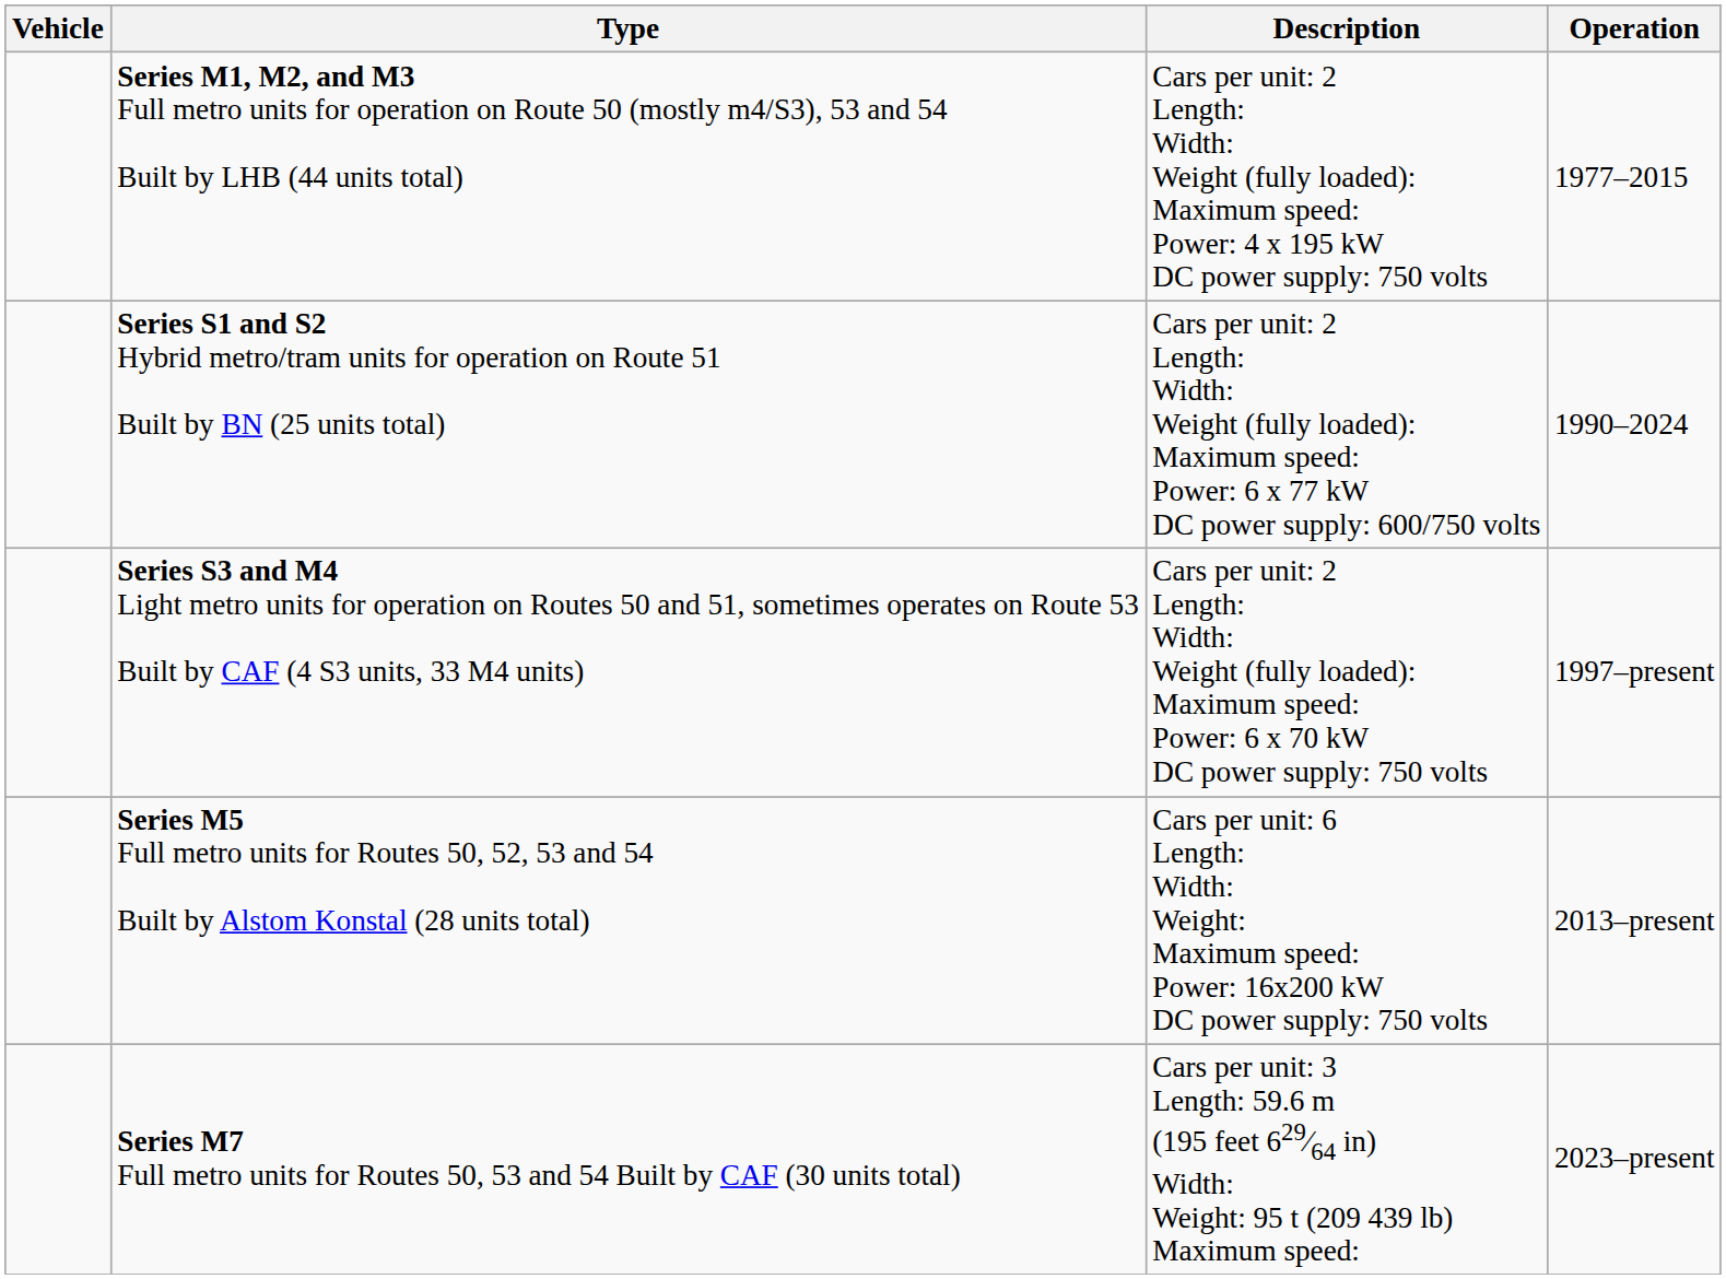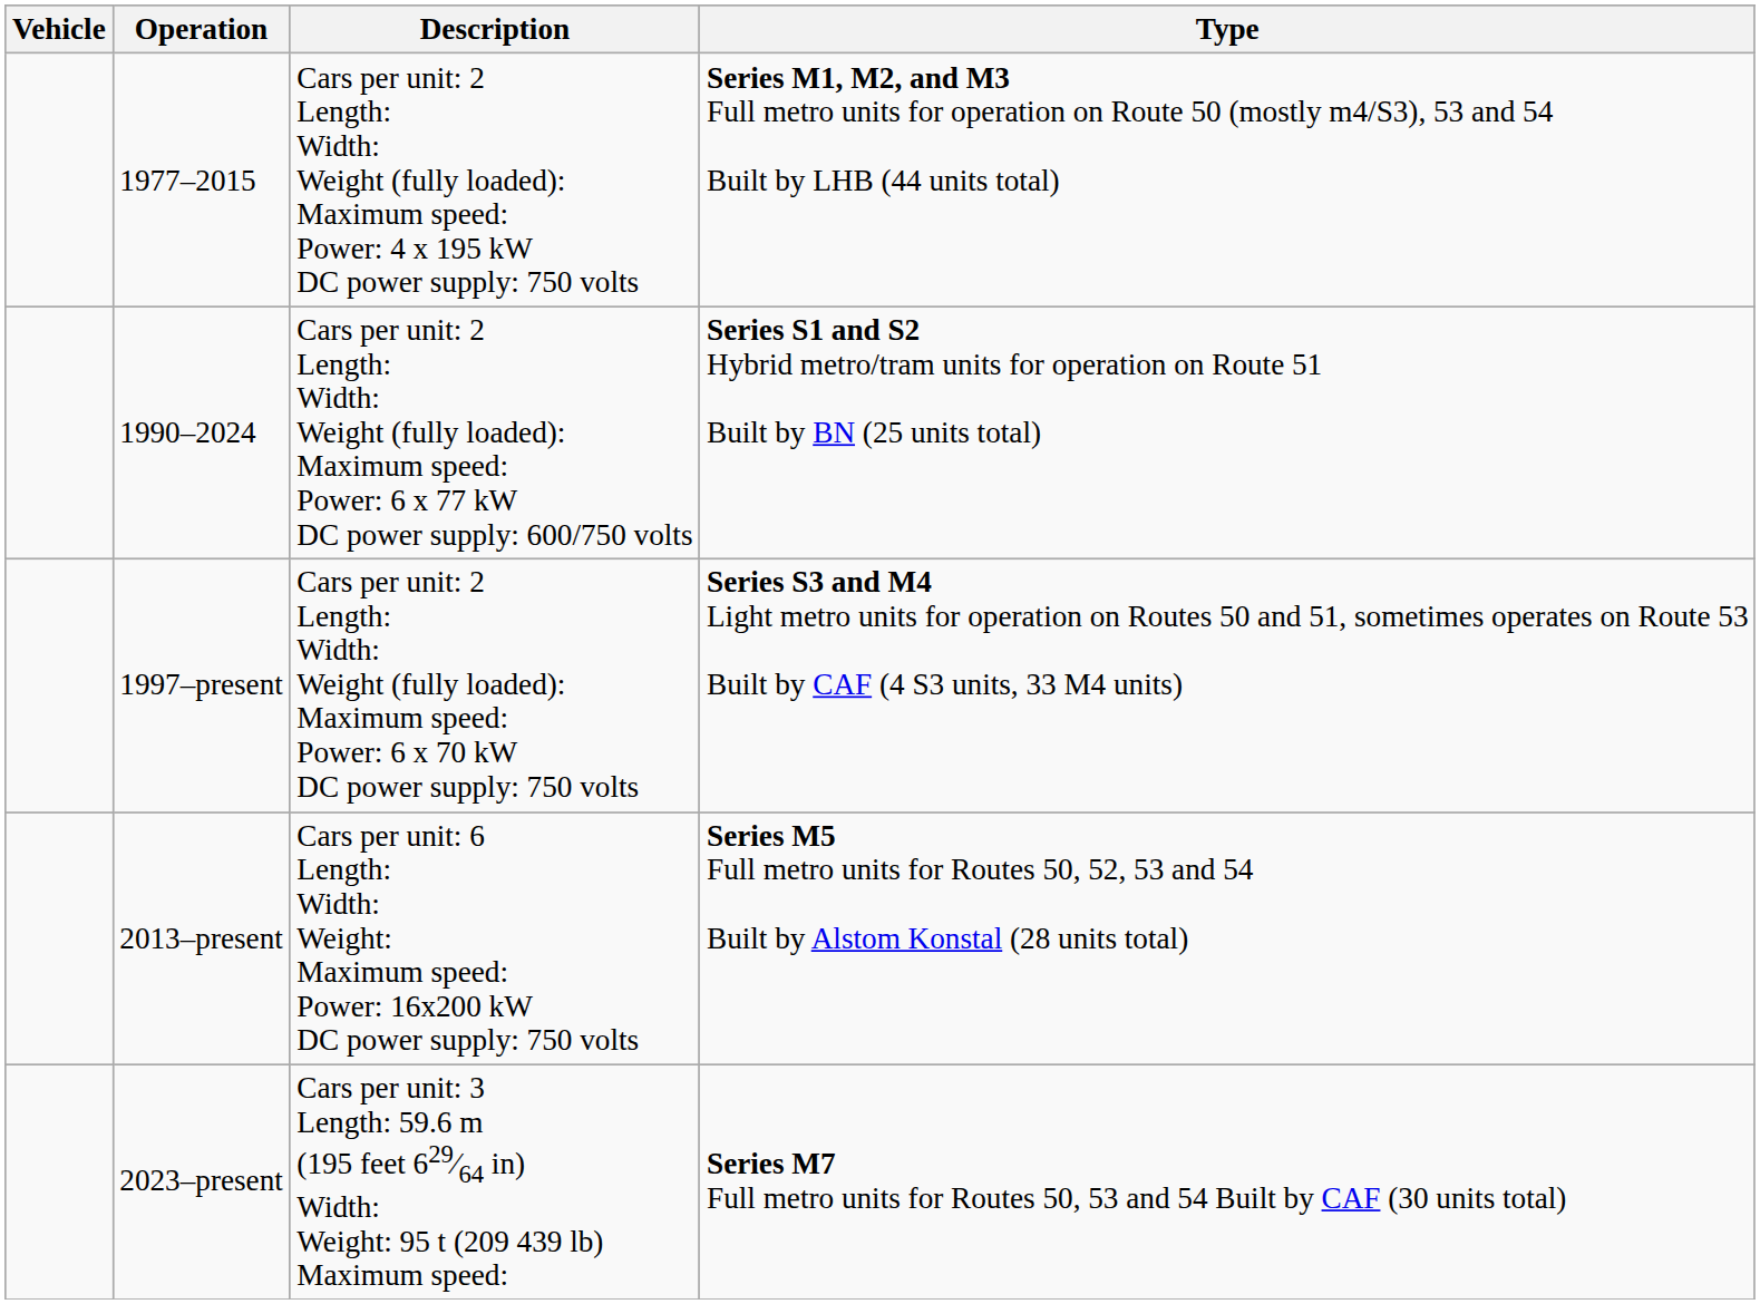 <table class="wikitable">
 <tr>
 <th>Vehicle</th>
+<th>Operation</th>
+<th>Description</th>
 <th>Type</th>
-<th>Description</th>
-<th>Operation</th>
 </tr>
 <tr>
 <td></td>
+<td>1977–2015</td>
+<td>Cars per unit: 2<br>Length: <br>Width: <br>Weight (fully loaded): <br>Maximum speed: <br>Power: 4 x 195 kW<br>DC power supply: 750 volts</td>
 <td style="vertical-align: top;"><strong>Series M1, M2, and M3</strong><br> Full metro units for operation on Route 50 (mostly m4/S3), 53 and 54<br><br> Built by LHB (44 units total)</td>
-<td>Cars per unit: 2<br>Length: <br>Width: <br>Weight (fully loaded): <br>Maximum speed: <br>Power: 4 x 195 kW<br>DC power supply: 750 volts</td>
-<td>1977–2015</td>
 </tr>
 <tr>
 <td></td>
+<td>1990–2024</td>
+<td>Cars per unit: 2<br>Length: <br>Width: <br>Weight (fully loaded):<br>Maximum speed: <br>Power: 6 x 77 kW<br>DC power supply: 600/750 volts</td>
 <td style="vertical-align: top;"><strong>Series S1 and S2</strong><br> Hybrid metro/tram units for operation on Route 51<br><br> Built by <a href='#'>BN</a> (25 units total)</td>
-<td>Cars per unit: 2<br>Length: <br>Width: <br>Weight (fully loaded):<br>Maximum speed: <br>Power: 6 x 77 kW<br>DC power supply: 600/750 volts</td>
-<td>1990–2024</td>
 </tr>
 <tr>
 <td></td>
+<td>1997–present</td>
+<td>Cars per unit: 2<br>Length: <br>Width: <br>Weight (fully loaded):<br>Maximum speed: <br>Power: 6 x 70 kW<br>DC power supply: 750 volts</td>
 <td style="vertical-align: top;"><strong>Series S3 and M4</strong><br>Light metro units for operation on Routes 50 and 51, sometimes operates on Route 53<br><br> Built by <a href='#'>CAF</a> (4 S3 units, 33 M4 units)</td>
-<td>Cars per unit: 2<br>Length: <br>Width: <br>Weight (fully loaded):<br>Maximum speed: <br>Power: 6 x 70 kW<br>DC power supply: 750 volts</td>
-<td>1997–present</td>
 </tr>
 <tr>
 <td></td>
+<td>2013–present</td>
+<td>Cars per unit: 6<br>Length: <br>Width: <br>Weight: <br>Maximum speed: <br>Power: 16x200 kW<br>DC power supply: 750 volts</td>
 <td style="vertical-align: top;"><strong>Series M5</strong><br> Full metro units for Routes 50, 52, 53 and 54<br><br> Built by <a href='#'>Alstom Konstal</a> (28 units total)</td>
-<td>Cars per unit: 6<br>Length: <br>Width: <br>Weight: <br>Maximum speed: <br>Power: 16x200 kW<br>DC power supply: 750 volts</td>
-<td>2013–present</td>
 </tr>
 <tr>
 <td></td>
+<td>2023–present</td>
+<td>Cars per unit: 3<br>Length: 59.6 m<br>(195 feet 6<sup>29</sup>⁄<sub>64</sub> in)<br>Width: <br>Weight: 95 t  (209 439 lb)<br>Maximum speed: </td>
 <td><strong>Series M7</strong><br>Full metro units for Routes 50, 53 and 54 Built by <a href='#'>CAF</a> (30 units total)</td>
-<td>Cars per unit: 3<br>Length: 59.6 m<br>(195 feet 6<sup>29</sup>⁄<sub>64</sub> in)<br>Width: <br>Weight: 95 t  (209 439 lb)<br>Maximum speed: </td>
-<td>2023–present</td>
 </tr>
 </table>
